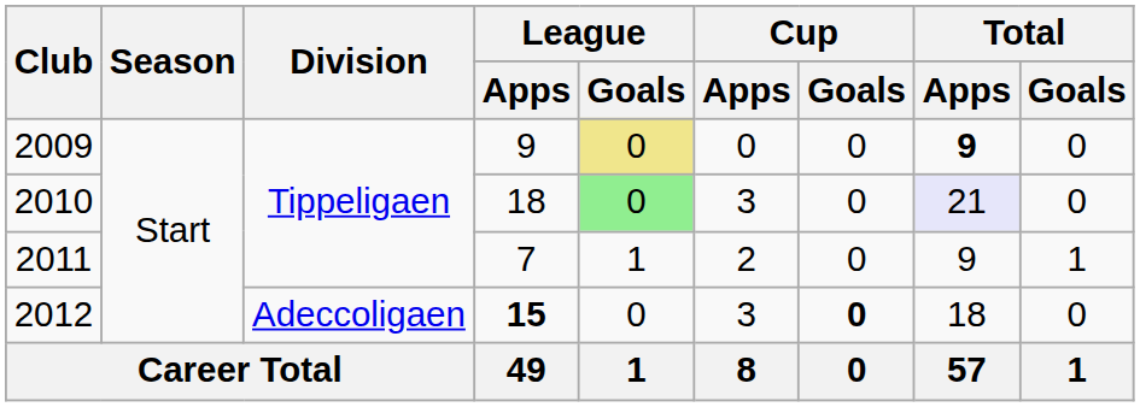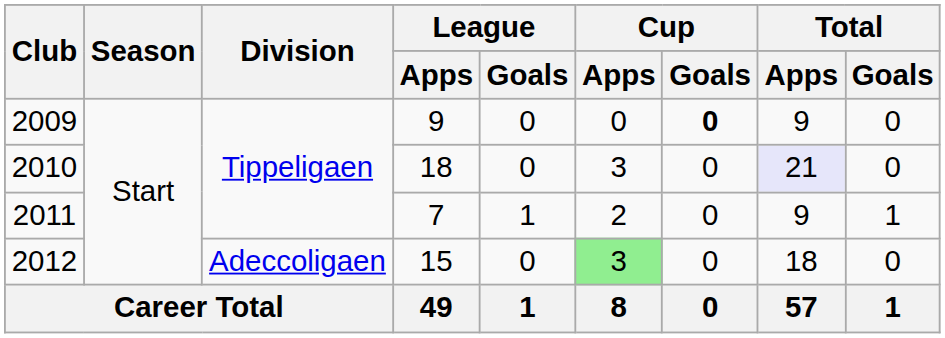 <table class="wikitable" style="text-align: center;">
 <tr>
 <th rowspan="2">Club</th>
 <th rowspan="2">Season</th>
 <th rowspan="2">Division</th>
 <th colspan="2">League</th>
 <th colspan="2">Cup</th>
 <th colspan="2">Total</th>
 </tr>
 <tr>
 <th>Apps</th>
 <th>Goals</th>
 <th>Apps</th>
 <th>Goals</th>
 <th>Apps</th>
 <th>Goals</th>
 </tr>
 <tr>
 <td>2009</td>
 <td rowspan="4">Start</td>
 <td rowspan="3"><a href='#'>Tippeligaen</a></td>
 <td>9</td>
-<td style="background: khaki;">0</td>
 <td>0</td>
 <td>0</td>
-<td><strong>9</strong></td>
+<td><strong>0</strong></td>
+<td>9</td>
 <td>0</td>
 </tr>
 <tr>
 <td>2010</td>
 <td>18</td>
-<td style="background: lightgreen;">0</td>
+<td>0</td>
 <td>3</td>
 <td>0</td>
 <td style="background: lavender;">21</td>
 <td>0</td>
 </tr>
 <tr>
 <td>2011</td>
 <td>7</td>
 <td>1</td>
 <td>2</td>
 <td>0</td>
 <td>9</td>
 <td>1</td>
 </tr>
 <tr>
 <td>2012</td>
 <td><a href='#'>Adeccoligaen</a></td>
-<td><strong>15</strong></td>
+<td>15</td>
 <td>0</td>
-<td>3</td>
-<td><strong>0</strong></td>
+<td style="background: lightgreen;">3</td>
+<td>0</td>
 <td>18</td>
 <td>0</td>
 </tr>
 <tr>
 <th colspan="3">Career Total</th>
 <th>49</th>
 <th>1</th>
 <th>8</th>
 <th>0</th>
 <th>57</th>
 <th>1</th>
 </tr>
 </table>
